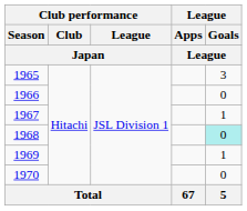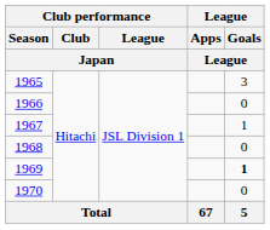 <table class="wikitable" style="text-align:center;">
 <tr>
 <th colspan=3>Club performance</th>
 <th colspan=2>League</th>
 </tr>
 <tr>
 <th>Season</th>
 <th>Club</th>
 <th>League</th>
 <th>Apps</th>
 <th>Goals</th>
 </tr>
 <tr>
 <th colspan=3>Japan</th>
 <th colspan=2>League</th>
 </tr>
 <tr>
 <td><a href='#'>1965</a></td>
 <td rowspan="6"><a href='#'>Hitachi</a></td>
 <td rowspan="6"><a href='#'>JSL Division 1</a></td>
 <td></td>
 <td>3</td>
 </tr>
 <tr>
 <td><a href='#'>1966</a></td>
 <td></td>
 <td>0</td>
 </tr>
 <tr>
 <td><a href='#'>1967</a></td>
 <td></td>
 <td>1</td>
 </tr>
 <tr>
 <td><a href='#'>1968</a></td>
 <td></td>
-<td style="background: paleturquoise;">0</td>
+<td>0</td>
 </tr>
 <tr>
 <td><a href='#'>1969</a></td>
 <td></td>
-<td>1</td>
+<td><strong>1</strong></td>
 </tr>
 <tr>
 <td><a href='#'>1970</a></td>
 <td></td>
 <td>0</td>
 </tr>
 <tr>
 <th colspan=3>Total</th>
 <th>67</th>
 <th>5</th>
 </tr>
 </table>
